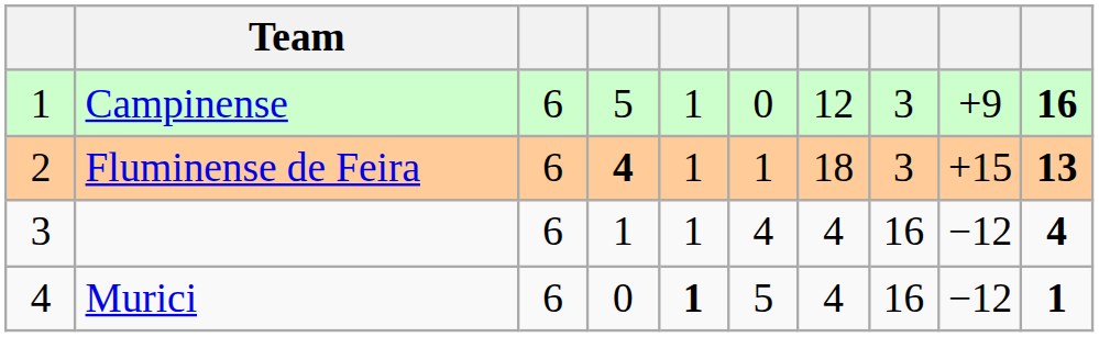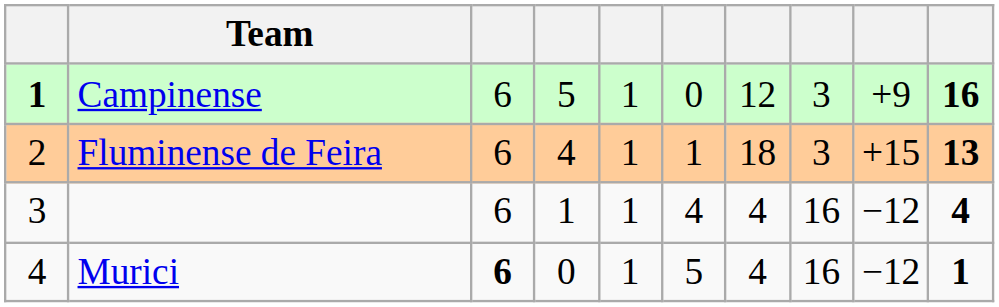 <table class="wikitable" style="text-align: center;">
 <tr>
 <th width=20></th>
 <th width=165>Team</th>
 <th width=20></th>
 <th width=20></th>
 <th width=20></th>
 <th width=20></th>
 <th width=20></th>
 <th width=20></th>
 <th width=20></th>
 <th width=20></th>
 </tr>
 <tr bgcolor=#ccffcc>
-<td>1</td>
+<td><strong>1</strong></td>
 <td align=left> <a href='#'>Campinense</a></td>
 <td>6</td>
 <td>5</td>
 <td>1</td>
 <td>0</td>
 <td>12</td>
 <td>3</td>
 <td>+9</td>
 <td><strong>16</strong></td>
 </tr>
 <tr bgcolor=#ffcc99>
 <td>2</td>
 <td align=left> <a href='#'>Fluminense de Feira</a></td>
 <td>6</td>
-<td><strong>4</strong></td>
+<td>4</td>
 <td>1</td>
 <td>1</td>
 <td>18</td>
 <td>3</td>
 <td>+15</td>
 <td><strong>13</strong></td>
 </tr>
 <tr>
 <td>3</td>
 <td align=left></td>
 <td>6</td>
 <td>1</td>
 <td>1</td>
 <td>4</td>
 <td>4</td>
 <td>16</td>
 <td>−12</td>
 <td><strong>4</strong></td>
 </tr>
 <tr>
 <td>4</td>
 <td align=left> <a href='#'>Murici</a></td>
-<td>6</td>
+<td><strong>6</strong></td>
 <td>0</td>
-<td><strong>1</strong></td>
+<td>1</td>
 <td>5</td>
 <td>4</td>
 <td>16</td>
 <td>−12</td>
 <td><strong>1</strong></td>
 </tr>
 </table>
